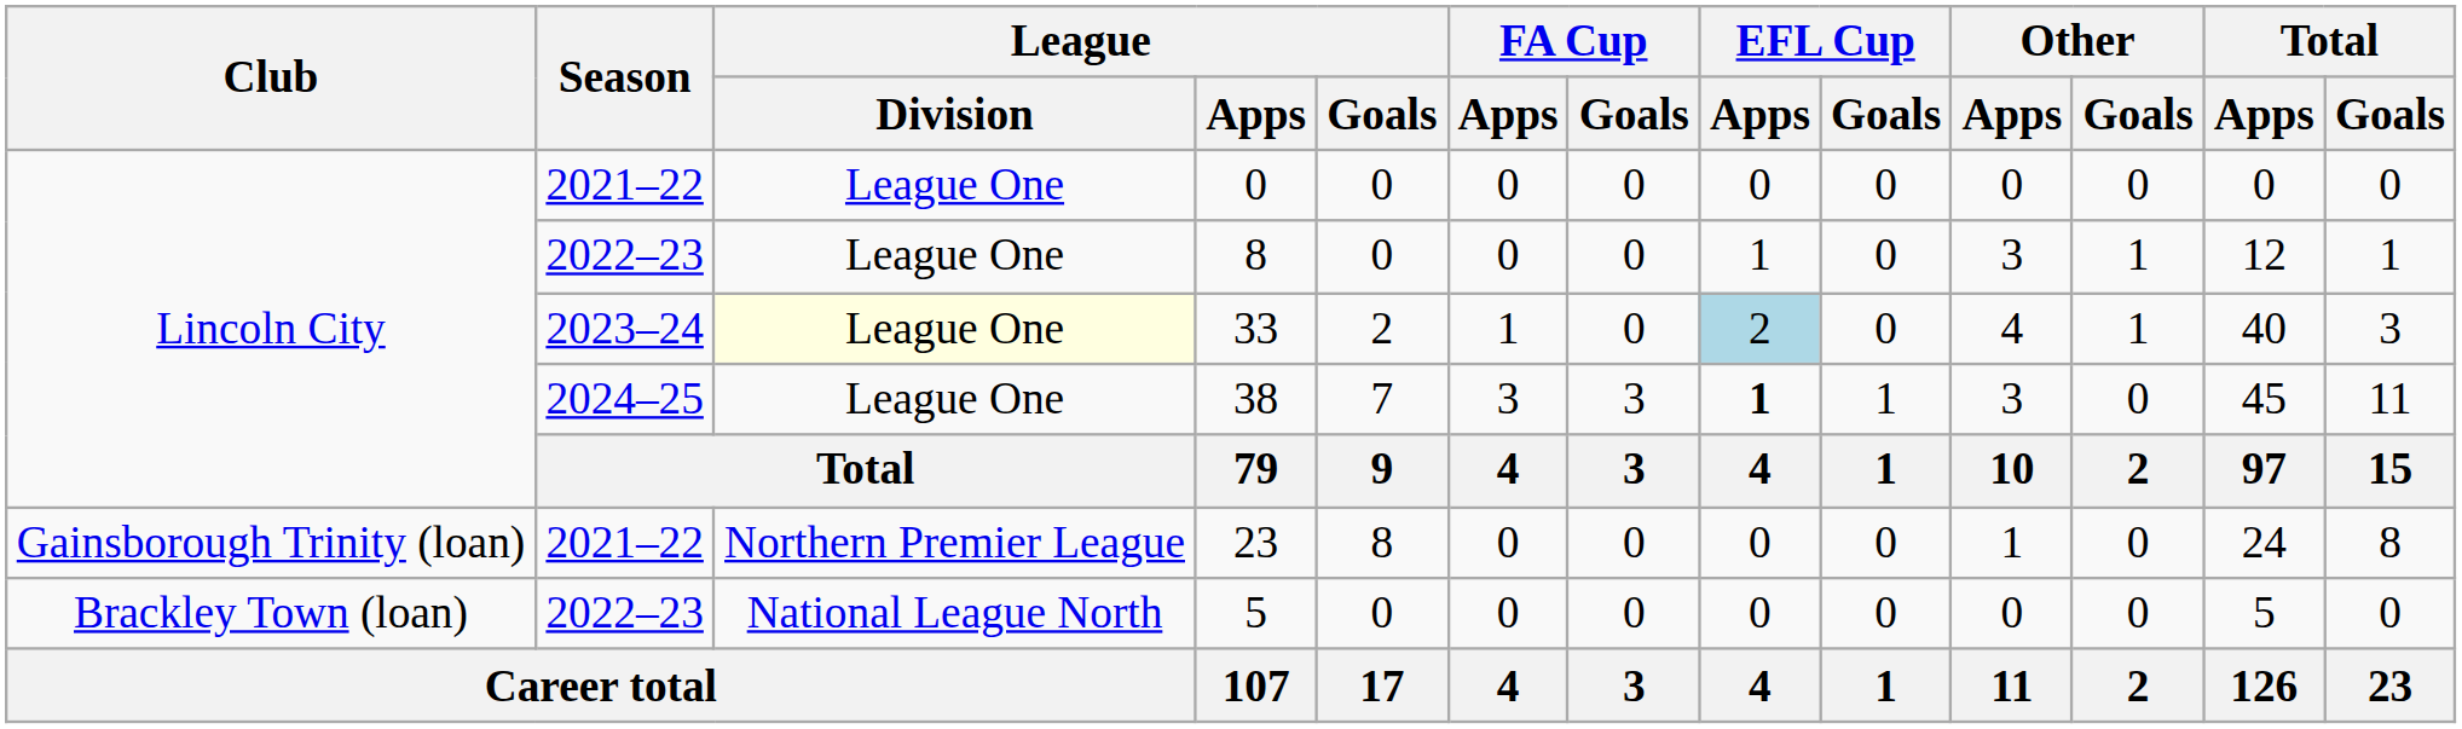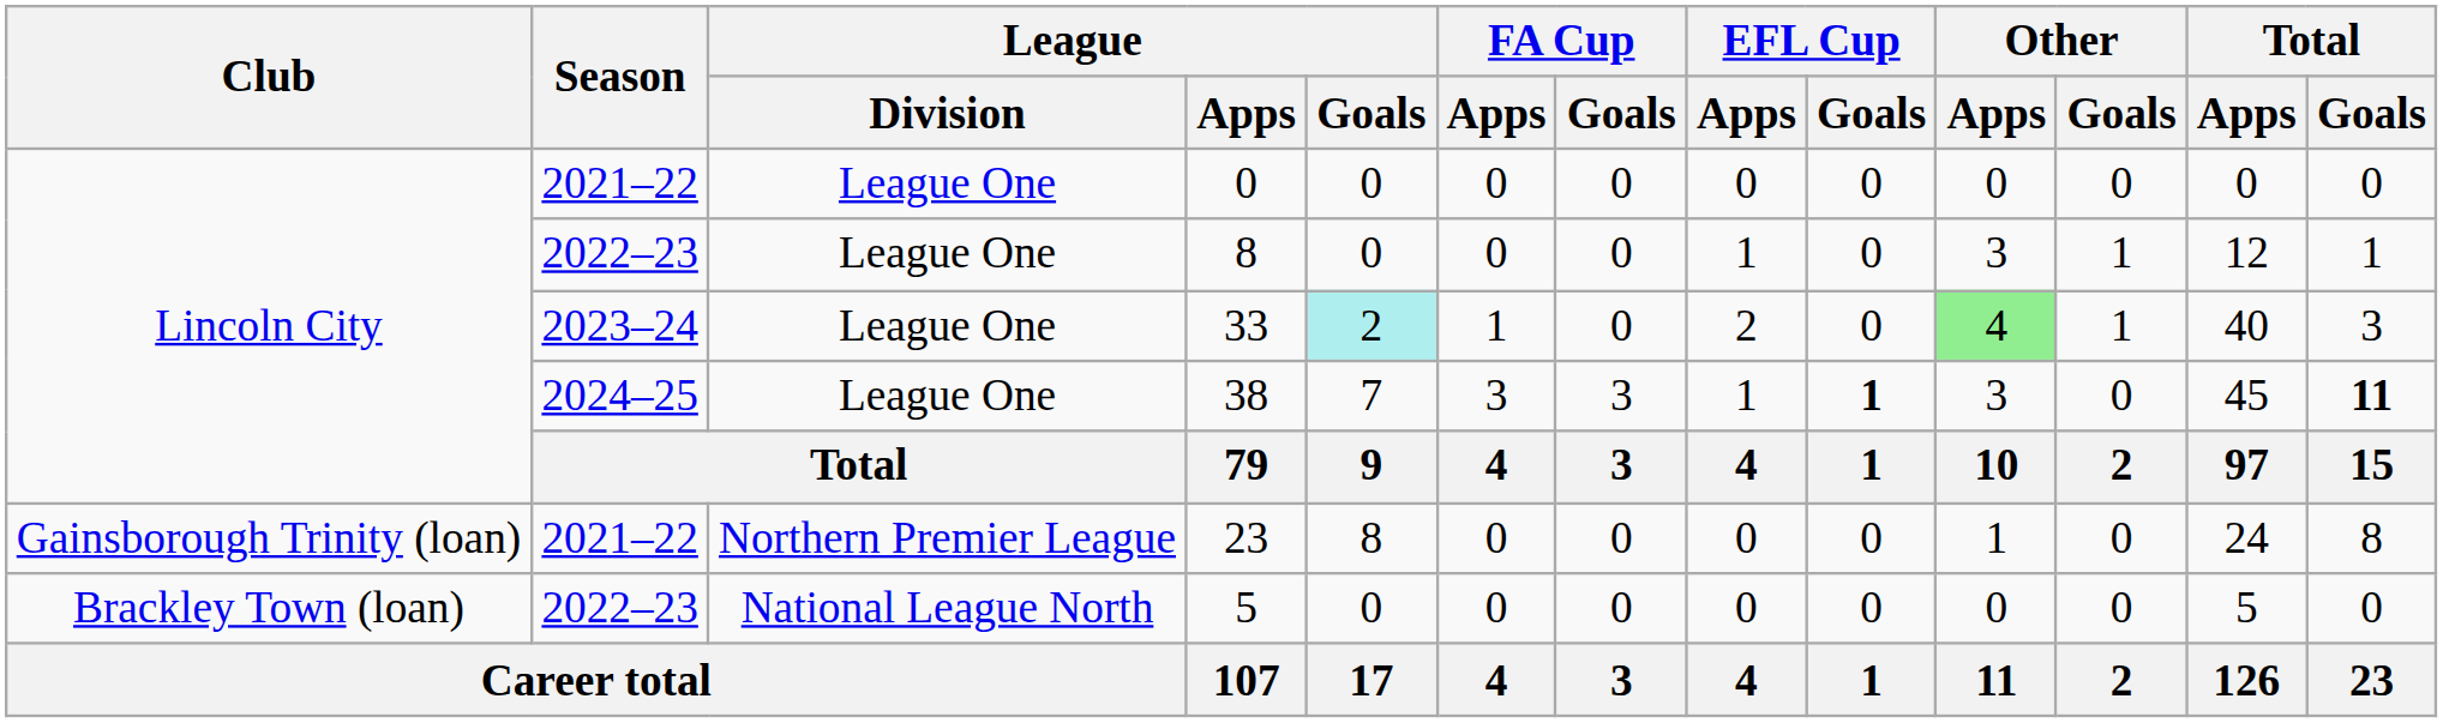 <table class="wikitable" style="text-align:center;">
 <tr>
 <th rowspan="2">Club</th>
 <th rowspan="2">Season</th>
 <th colspan="3">League</th>
 <th colspan="2"><a href='#'>FA Cup</a></th>
 <th colspan="2"><a href='#'>EFL Cup</a></th>
 <th colspan="2">Other</th>
 <th colspan="2">Total</th>
 </tr>
 <tr>
 <th>Division</th>
 <th>Apps</th>
 <th>Goals</th>
 <th>Apps</th>
 <th>Goals</th>
 <th>Apps</th>
 <th>Goals</th>
 <th>Apps</th>
 <th>Goals</th>
 <th>Apps</th>
 <th>Goals</th>
 </tr>
 <tr>
 <td rowspan=5><a href='#'>Lincoln City</a></td>
 <td><a href='#'>2021–22</a></td>
 <td><a href='#'>League One</a></td>
 <td>0</td>
 <td>0</td>
 <td>0</td>
 <td>0</td>
 <td>0</td>
 <td>0</td>
 <td>0</td>
 <td>0</td>
 <td>0</td>
 <td>0</td>
 </tr>
 <tr>
 <td><a href='#'>2022–23</a></td>
 <td>League One</td>
 <td>8</td>
 <td>0</td>
 <td>0</td>
 <td>0</td>
 <td>1</td>
 <td>0</td>
 <td>3</td>
 <td>1</td>
 <td>12</td>
 <td>1</td>
 </tr>
 <tr>
 <td><a href='#'>2023–24</a></td>
-<td style="background: lightyellow;">League One</td>
+<td>League One</td>
 <td>33</td>
-<td>2</td>
+<td style="background: paleturquoise;">2</td>
 <td>1</td>
 <td>0</td>
-<td style="background: lightblue;">2</td>
+<td>2</td>
 <td>0</td>
-<td>4</td>
+<td style="background: lightgreen;">4</td>
 <td>1</td>
 <td>40</td>
 <td>3</td>
 </tr>
 <tr>
 <td><a href='#'>2024–25</a></td>
 <td>League One</td>
 <td>38</td>
 <td>7</td>
 <td>3</td>
 <td>3</td>
+<td>1</td>
 <td><strong>1</strong></td>
-<td>1</td>
 <td>3</td>
 <td>0</td>
 <td>45</td>
-<td>11</td>
+<td><strong>11</strong></td>
 </tr>
 <tr>
 <th colspan="2">Total</th>
 <th>79</th>
 <th>9</th>
 <th>4</th>
 <th>3</th>
 <th>4</th>
 <th>1</th>
 <th>10</th>
 <th>2</th>
 <th>97</th>
 <th>15</th>
 </tr>
 <tr>
 <td><a href='#'>Gainsborough Trinity</a> (loan)</td>
 <td><a href='#'>2021–22</a></td>
 <td><a href='#'>Northern Premier League</a></td>
 <td>23</td>
 <td>8</td>
 <td>0</td>
 <td>0</td>
 <td>0</td>
 <td>0</td>
 <td>1</td>
 <td>0</td>
 <td>24</td>
 <td>8</td>
 </tr>
 <tr>
 <td><a href='#'>Brackley Town</a> (loan)</td>
 <td><a href='#'>2022–23</a></td>
 <td><a href='#'>National League North</a></td>
 <td>5</td>
 <td>0</td>
 <td>0</td>
 <td>0</td>
 <td>0</td>
 <td>0</td>
 <td>0</td>
 <td>0</td>
 <td>5</td>
 <td>0</td>
 </tr>
 <tr>
 <th colspan="3">Career total</th>
 <th>107</th>
 <th>17</th>
 <th>4</th>
 <th>3</th>
 <th>4</th>
 <th>1</th>
 <th>11</th>
 <th>2</th>
 <th>126</th>
 <th>23</th>
 </tr>
 </table>
